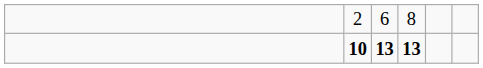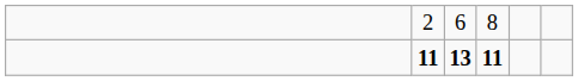 <table class="wikitable">
 <tr>
 <td style="width:18em"></td>
 <td align=center style="width:1em">2</td>
 <td align=center style="width:1em">6</td>
 <td align=center style="width:1em">8</td>
 <td align=center style="width:1em"></td>
 <td align=center style="width:1em"></td>
 </tr>
 <tr>
 <td style="width:18em"><strong></strong></td>
-<td align=center style="width:1em"><strong>10</strong></td>
+<td align=center style="width:1em"><strong>11</strong></td>
 <td align=center style="width:1em"><strong>13</strong></td>
-<td align=center style="width:1em"><strong>13</strong></td>
+<td align=center style="width:1em"><strong>11</strong></td>
 <td align=center style="width:1em"></td>
 <td align=center style="width:1em"></td>
 </tr>
 </table>
